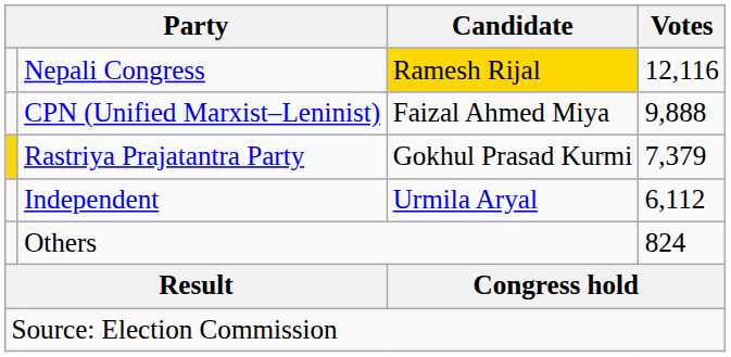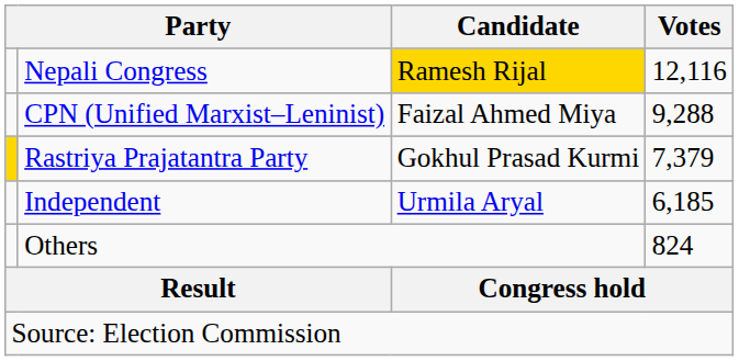 <table class="wikitable">
 <tr>
 <th colspan="2">Party</th>
 <th>Candidate</th>
 <th>Votes</th>
 </tr>
 <tr>
 <td style="background-color:"></td>
 <td><a href='#'>Nepali Congress</a></td>
 <td style="background: gold;">Ramesh Rijal</td>
 <td>12,116</td>
 </tr>
 <tr>
 <td style="background-color:"></td>
 <td><a href='#'>CPN (Unified Marxist–Leninist)</a></td>
 <td>Faizal Ahmed Miya</td>
-<td>9,888</td>
+<td>9,288</td>
 </tr>
 <tr>
 <td style="background-color:gold"></td>
 <td><a href='#'>Rastriya Prajatantra Party</a></td>
 <td>Gokhul Prasad Kurmi</td>
 <td>7,379</td>
 </tr>
 <tr>
 <td style="background-color:"></td>
 <td><a href='#'>Independent</a></td>
 <td><a href='#'>Urmila Aryal</a></td>
-<td>6,112</td>
+<td>6,185</td>
 </tr>
 <tr>
 <td></td>
 <td colspan="2">Others</td>
 <td>824</td>
 </tr>
 <tr>
 <th colspan="2">Result</th>
 <th colspan="2">Congress hold</th>
 </tr>
 <tr>
 <td colspan="4">Source: Election Commission</td>
 </tr>
 </table>
